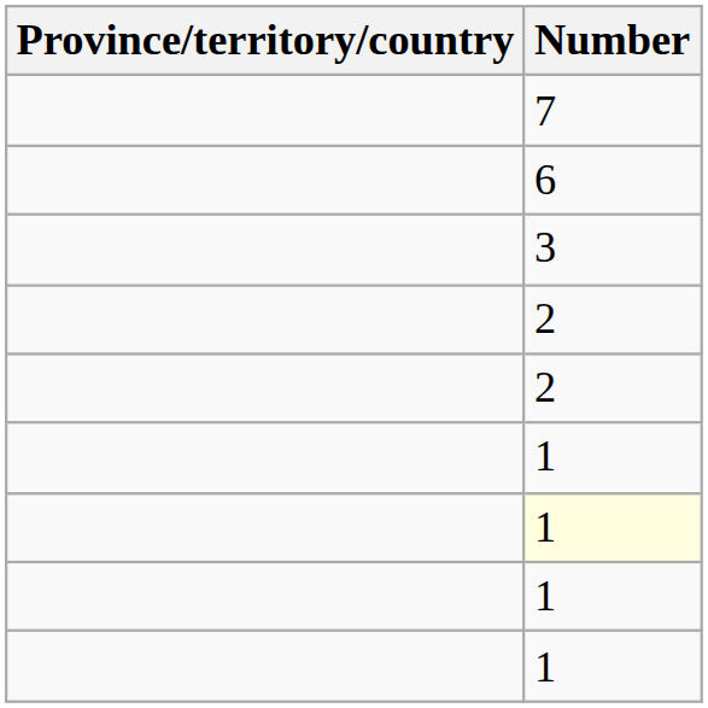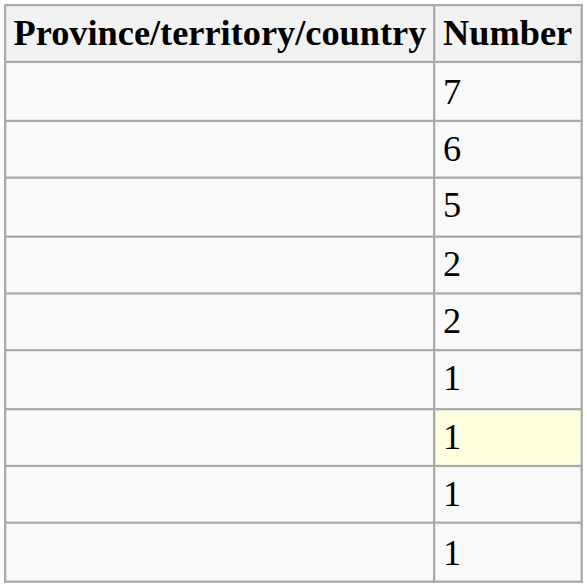 <table class="wikitable sortable col2center">
 <tr>
 <th>Province/territory/country</th>
 <th>Number</th>
 </tr>
 <tr>
 <td></td>
 <td>7</td>
 </tr>
 <tr>
 <td></td>
 <td>6</td>
 </tr>
 <tr>
 <td></td>
-<td>3</td>
+<td>5</td>
 </tr>
 <tr>
 <td></td>
 <td>2</td>
 </tr>
 <tr>
 <td></td>
 <td>2</td>
 </tr>
 <tr>
 <td></td>
 <td>1</td>
 </tr>
 <tr>
 <td></td>
 <td style="background: lightyellow;">1</td>
 </tr>
 <tr>
 <td></td>
 <td>1</td>
 </tr>
 <tr>
 <td></td>
 <td>1</td>
 </tr>
 </table>
